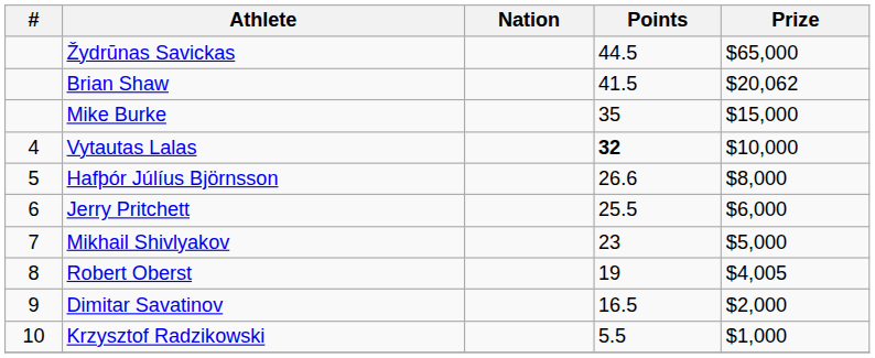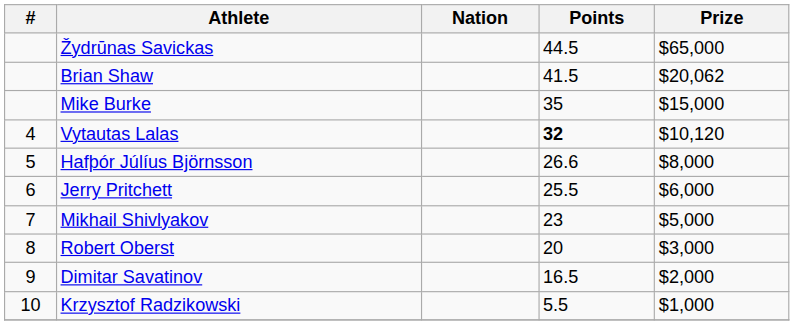 <table class="wikitable" style="display: inline-table;width: 55%;">
 <tr>
 <th scope="col">#</th>
 <th scope="col">Athlete</th>
 <th scope="col">Nation</th>
 <th scope="col">Points</th>
 <th scope="col">Prize</th>
 </tr>
 <tr>
 <td align="center"></td>
 <td><a href='#'>Žydrūnas Savickas</a></td>
 <td></td>
 <td>44.5</td>
 <td>$65,000</td>
 </tr>
 <tr>
 <td align="center"></td>
 <td><a href='#'>Brian Shaw</a></td>
 <td></td>
 <td>41.5</td>
 <td>$20,062</td>
 </tr>
 <tr>
 <td align="center"></td>
 <td><a href='#'>Mike Burke</a></td>
 <td></td>
 <td>35</td>
 <td>$15,000</td>
 </tr>
 <tr>
 <td align="center">4</td>
 <td><a href='#'>Vytautas Lalas</a></td>
 <td></td>
 <td><strong>32</strong></td>
-<td>$10,000</td>
+<td>$10,120</td>
 </tr>
 <tr>
 <td align="center">5</td>
 <td><a href='#'>Hafþór Júlíus Björnsson</a></td>
 <td></td>
 <td>26.6</td>
 <td>$8,000</td>
 </tr>
 <tr>
 <td align="center">6</td>
 <td><a href='#'>Jerry Pritchett</a></td>
 <td></td>
 <td>25.5</td>
 <td>$6,000</td>
 </tr>
 <tr>
 <td align="center">7</td>
 <td><a href='#'>Mikhail Shivlyakov</a></td>
 <td></td>
 <td>23</td>
 <td>$5,000</td>
 </tr>
 <tr>
 <td align="center">8</td>
 <td><a href='#'>Robert Oberst</a></td>
 <td></td>
-<td>19</td>
-<td>$4,005</td>
+<td>20</td>
+<td>$3,000</td>
 </tr>
 <tr>
 <td align="center">9</td>
 <td><a href='#'>Dimitar Savatinov</a></td>
 <td></td>
 <td>16.5</td>
 <td>$2,000</td>
 </tr>
 <tr>
 <td align="center">10</td>
 <td><a href='#'>Krzysztof Radzikowski</a></td>
 <td></td>
 <td>5.5</td>
 <td>$1,000</td>
 </tr>
 <tr>
 </tr>
 </table>
